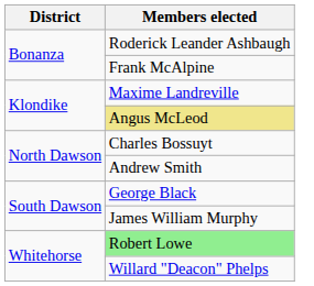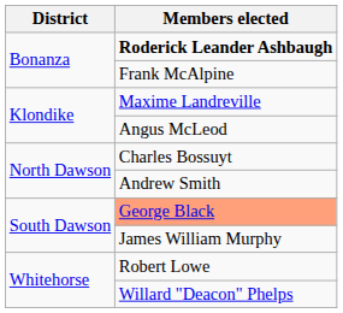 <table class="wikitable">
 <tr>
 <th>District</th>
 <th>Members elected</th>
 </tr>
 <tr>
 <td rowspan="2"><a href='#'>Bonanza</a></td>
-<td>Roderick Leander Ashbaugh</td>
+<td><strong>Roderick Leander Ashbaugh</strong></td>
 </tr>
 <tr>
 <td>Frank McAlpine</td>
 </tr>
 <tr>
 <td rowspan="2"><a href='#'>Klondike</a></td>
 <td><a href='#'>Maxime Landreville</a></td>
 </tr>
 <tr>
-<td style="background: khaki;">Angus McLeod</td>
+<td>Angus McLeod</td>
 </tr>
 <tr>
 <td rowspan="2"><a href='#'>North Dawson</a></td>
 <td>Charles Bossuyt</td>
 </tr>
 <tr>
 <td>Andrew Smith</td>
 </tr>
 <tr>
 <td rowspan="2"><a href='#'>South Dawson</a></td>
-<td><a href='#'>George Black</a></td>
+<td style="background: lightsalmon;"><a href='#'>George Black</a></td>
 </tr>
 <tr>
 <td>James William Murphy</td>
 </tr>
 <tr>
 <td rowspan="2"><a href='#'>Whitehorse</a></td>
-<td style="background: lightgreen;">Robert Lowe</td>
+<td>Robert Lowe</td>
 </tr>
 <tr>
 <td><a href='#'>Willard "Deacon" Phelps</a></td>
 </tr>
 </table>
